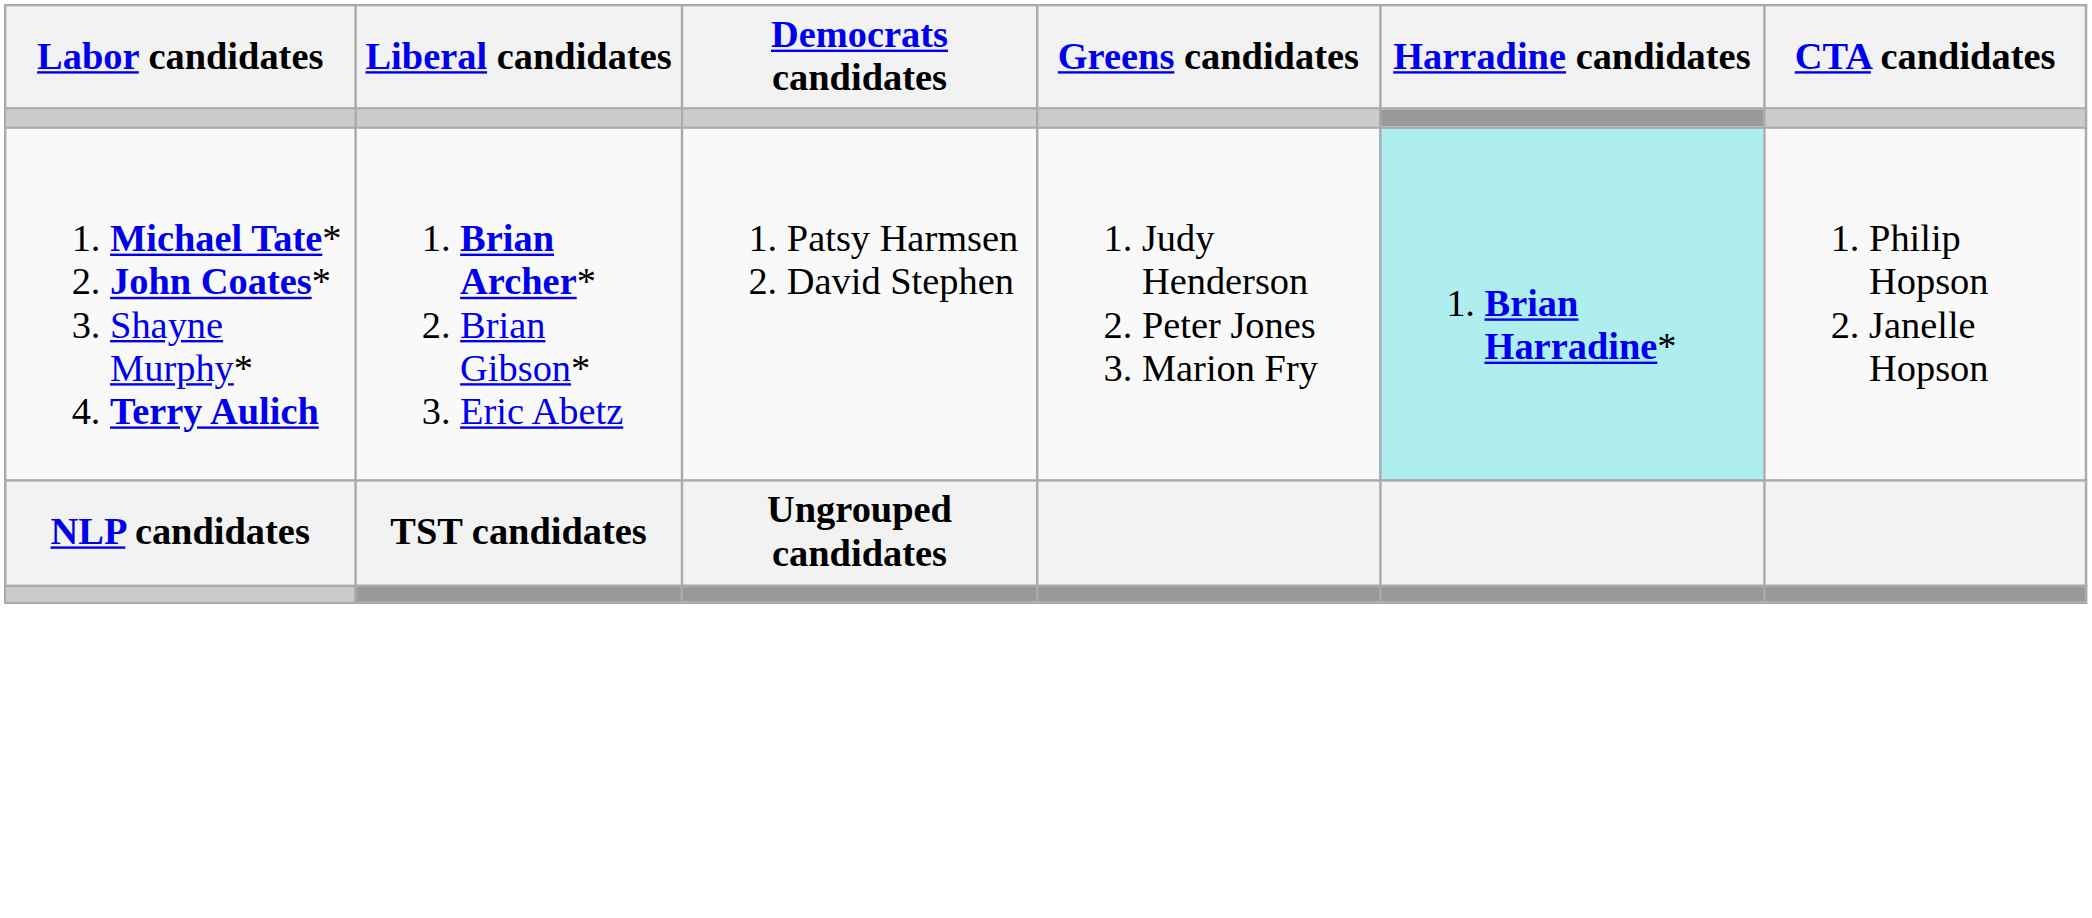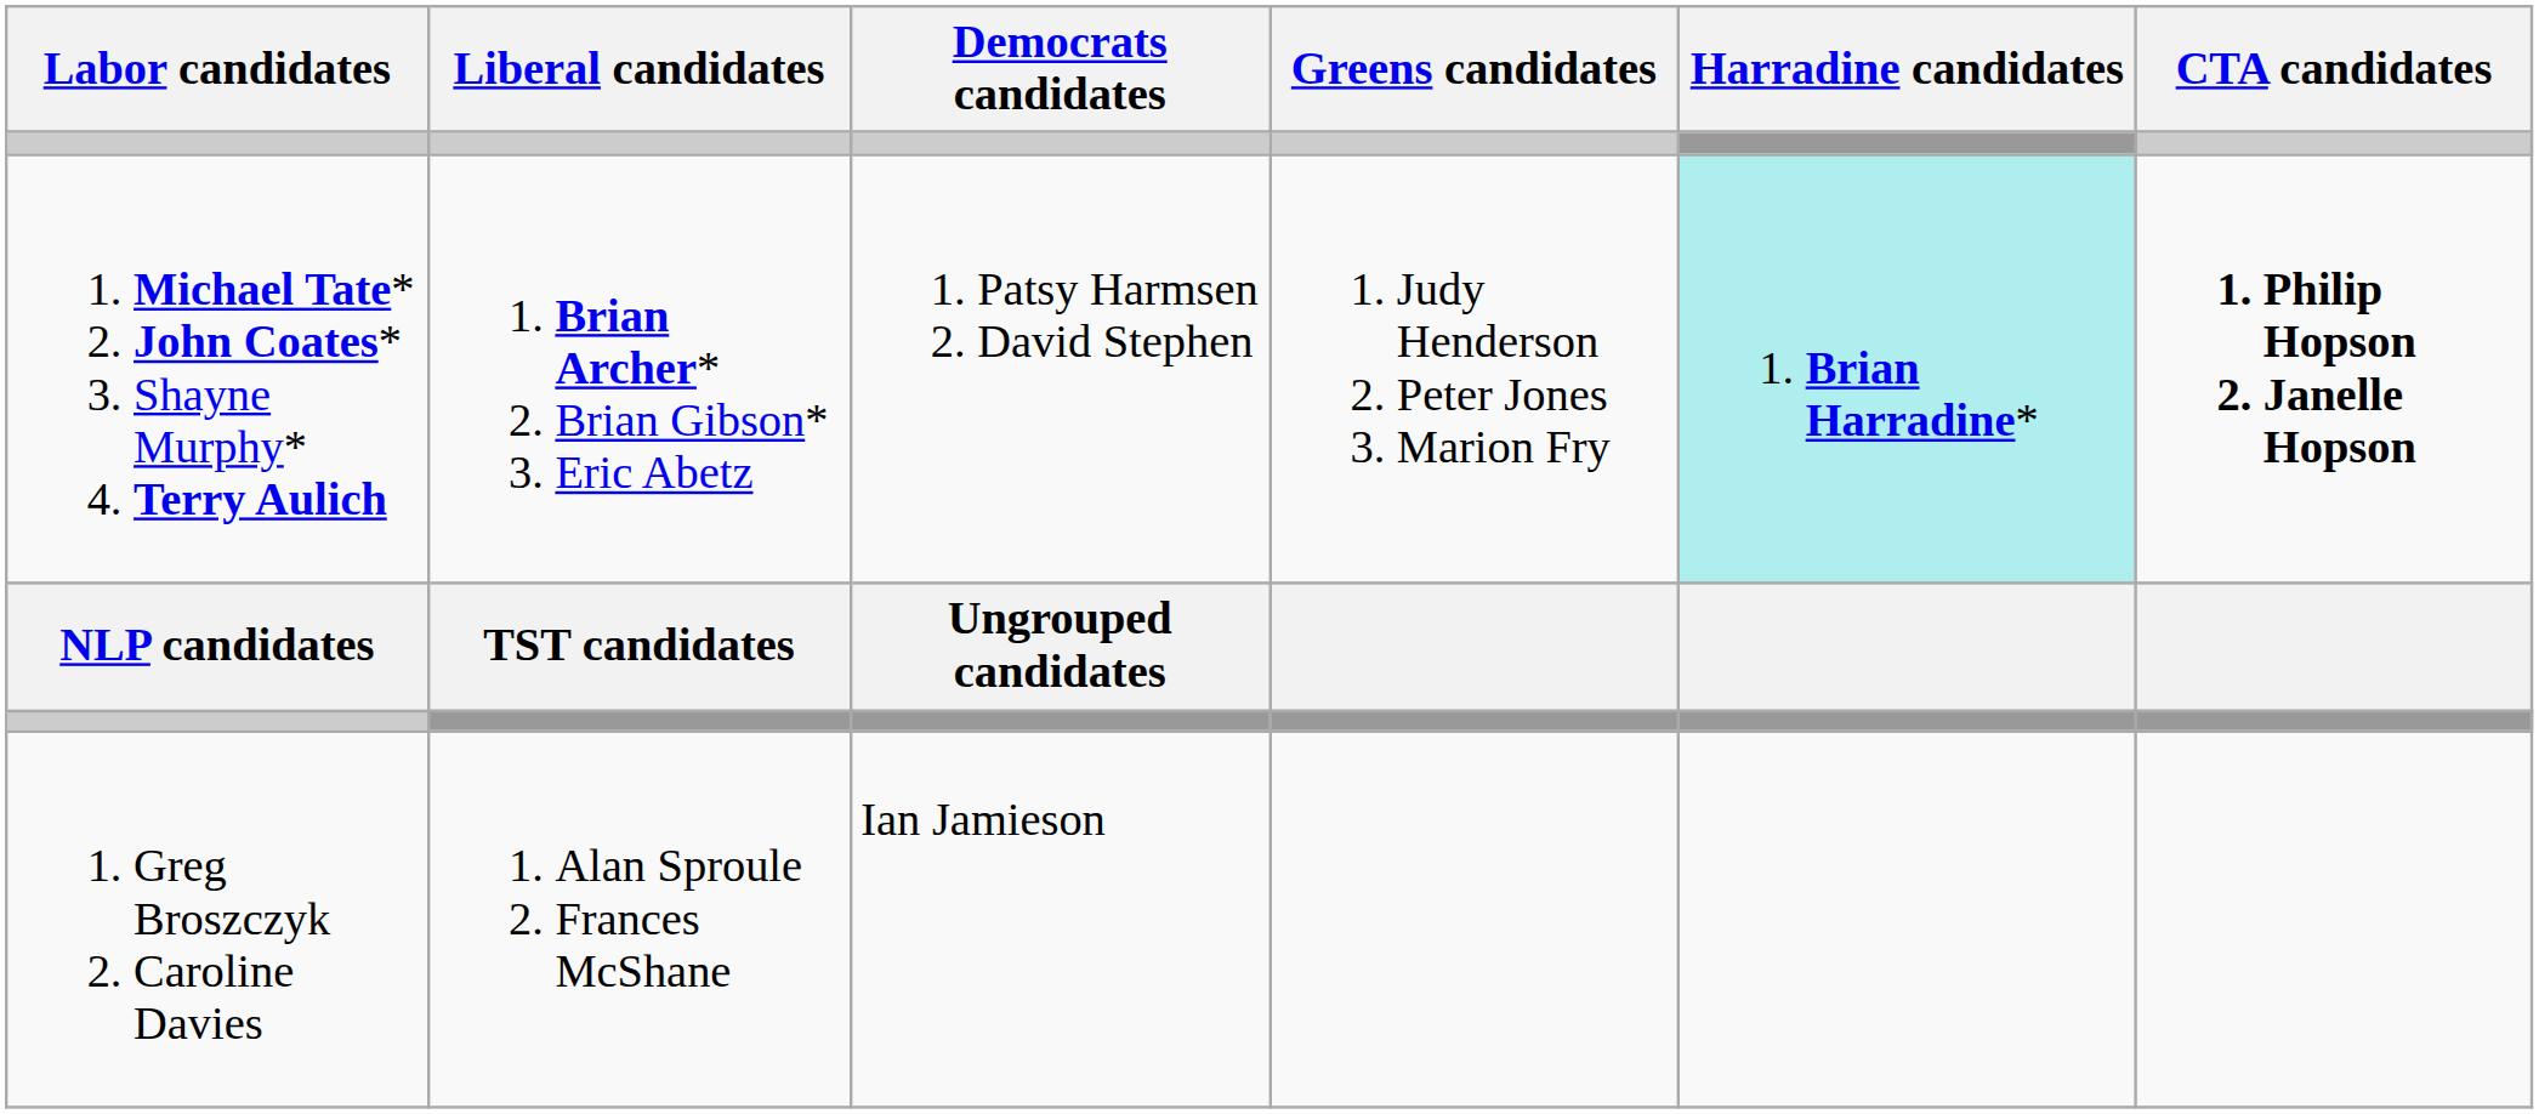 <table class="wikitable">
 <tr>
 <th><a href='#'>Labor</a> candidates</th>
 <th><a href='#'>Liberal</a> candidates</th>
 <th><a href='#'>Democrats</a> candidates</th>
 <th><a href='#'>Greens</a> candidates</th>
 <th><a href='#'>Harradine</a> candidates</th>
 <th><a href='#'>CTA</a> candidates</th>
 </tr>
 <tr bgcolor="#cccccc">
 <td></td>
 <td></td>
 <td></td>
 <td></td>
 <td bgcolor="#999999"></td>
 <td></td>
 </tr>
 <tr>
 <td><br><ol><li><strong><a href='#'>Michael Tate</a></strong>*</li><li><strong><a href='#'>John Coates</a></strong>*</li><li><a href='#'>Shayne Murphy</a>*</li><li><strong><a href='#'>Terry Aulich</a></strong></li></ol></td>
 <td><br><ol><li><strong><a href='#'>Brian Archer</a></strong>*</li><li><a href='#'>Brian Gibson</a>*</li><li><a href='#'>Eric Abetz</a></li></ol></td>
 <td valign=top><br><ol><li>Patsy Harmsen</li><li>David Stephen</li></ol></td>
 <td valign=top><br><ol><li>Judy Henderson</li><li>Peter Jones</li><li>Marion Fry</li></ol></td>
 <td style="background: paleturquoise;"><br><ol><li><strong><a href='#'>Brian Harradine</a></strong>*</li></ol></td>
-<td valign=top><br><ol><li>Philip Hopson</li><li>Janelle Hopson</li></ol></td>
+<td valign=top><strong><br><ol><li>Philip Hopson</li><li>Janelle Hopson</li></ol></strong></td>
 </tr>
 <tr bgcolor="#cccccc">
 <th><a href='#'>NLP</a> candidates</th>
 <th>TST candidates</th>
 <th>Ungrouped candidates</th>
 <th></th>
 <th></th>
 <th></th>
 </tr>
 <tr bgcolor="#cccccc">
 <td></td>
 <td bgcolor="#999999"></td>
 <td bgcolor="#999999"></td>
 <td bgcolor="#999999"></td>
 <td bgcolor="#999999"></td>
 <td bgcolor="#999999"></td>
 </tr>
+<tr>
+<td valign=top><br><ol><li>Greg Broszczyk</li><li>Caroline Davies</li></ol></td>
+<td valign=top><br><ol><li>Alan Sproule</li><li>Frances McShane</li></ol></td>
+<td valign=top><br>Ian Jamieson</td>
+<td valign=top></td>
+<td valign=top></td>
+<td valign=top></td>
+</tr>
 </table>
